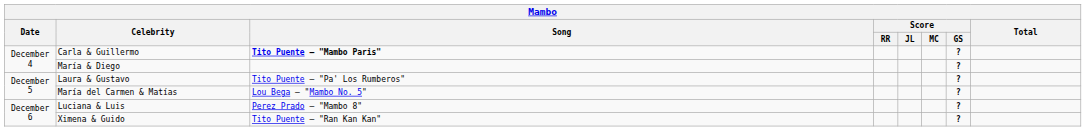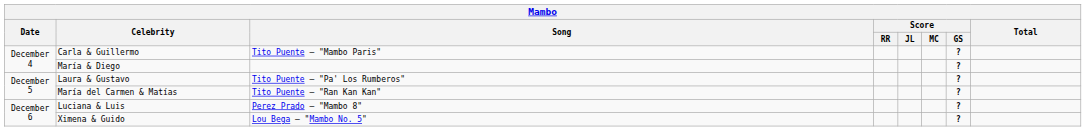 <table class="wikitable collapsible collapsed" style="font-size:90%; text-align: center; width: 100%;">
 <tr>
 <th colspan="11" style="with: 95%;"><big><a href='#'>Mambo</a></big></th>
 </tr>
 <tr>
 <th width=70 rowspan="2">Date</th>
 <th width=280 rowspan="2">Celebrity</th>
 <th rowspan="2">Song</th>
 <th colspan="4">Score</th>
 <th rowspan="2">Total</th>
 </tr>
 <tr>
 <th width=30>RR</th>
 <th width=30>JL</th>
 <th width=30>MC</th>
 <th width=30>GS</th>
 </tr>
 <tr>
 <td rowspan="2">December 4</td>
 <td style="text-align:left;">Carla & Guillermo</td>
-<td style="text-align:left;"><strong><a href='#'>Tito Puente</a> – "Mambo Paris"</strong></td>
+<td style="text-align:left;"><a href='#'>Tito Puente</a> – "Mambo Paris"</td>
 <td></td>
 <td></td>
 <td></td>
 <td><strong>?</strong></td>
 <td></td>
 </tr>
 <tr>
 <td style="text-align:left;">María & Diego</td>
 <td></td>
 <td></td>
 <td></td>
 <td></td>
 <td><strong>?</strong></td>
 <td></td>
 </tr>
 <tr>
 <td rowspan="2">December 5</td>
 <td style="text-align:left;">Laura & Gustavo</td>
 <td style="text-align:left;"><a href='#'>Tito Puente</a> – "Pa' Los Rumberos"</td>
 <td></td>
 <td></td>
 <td></td>
 <td><strong>?</strong></td>
 <td></td>
 </tr>
 <tr>
 <td style="text-align:left;">María del Carmen & Matías</td>
-<td style="text-align:left;"><a href='#'>Lou Bega</a> – "<a href='#'>Mambo No. 5</a>"</td>
+<td style="text-align:left;"><a href='#'>Tito Puente</a> – "Ran Kan Kan"</td>
 <td></td>
 <td></td>
 <td></td>
 <td><strong>?</strong></td>
 <td></td>
 </tr>
 <tr>
 <td rowspan="2">December 6</td>
 <td style="text-align:left;">Luciana & Luis</td>
 <td style="text-align:left;"><a href='#'>Perez Prado</a> – "Mambo 8"</td>
 <td></td>
 <td></td>
 <td></td>
 <td><strong>?</strong></td>
 <td></td>
 </tr>
 <tr>
 <td style="text-align:left;">Ximena & Guido</td>
-<td style="text-align:left;"><a href='#'>Tito Puente</a> – "Ran Kan Kan"</td>
+<td style="text-align:left;"><a href='#'>Lou Bega</a> – "<a href='#'>Mambo No. 5</a>"</td>
 <td></td>
 <td></td>
 <td></td>
 <td><strong>?</strong></td>
 <td></td>
 </tr>
 </table>
